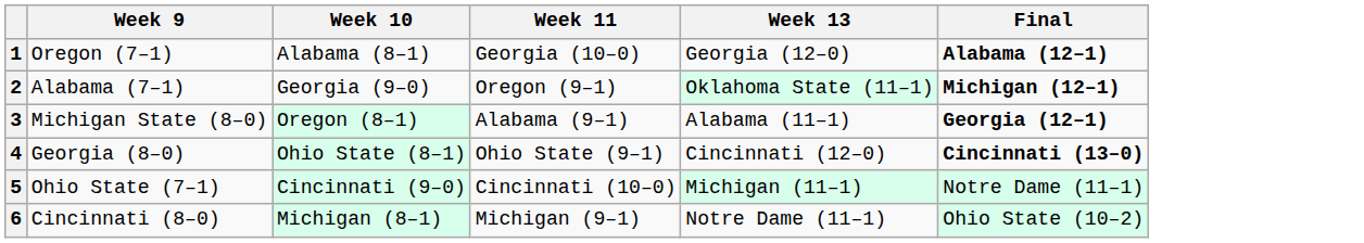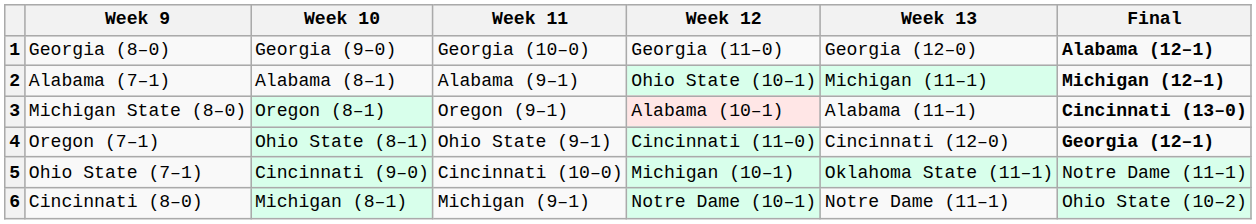 <table class="wikitable" style="font-size:90%">
 <tr>
 <th></th>
 <th>Week 9</th>
 <th>Week 10</th>
 <th>Week 11</th>
+<th>Week 12</th>
 <th>Week 13</th>
 <th>Final</th>
 </tr>
 <tr>
 <th>1</th>
-<td>Oregon (7–1)</td>
-<td>Alabama (8–1)</td>
+<td>Georgia (8–0)</td>
+<td>Georgia (9–0)</td>
 <td>Georgia (10–0)</td>
+<td>Georgia (11–0)</td>
 <td>Georgia (12–0)</td>
 <td style="background:#"><strong>Alabama (12–1)</strong></td>
 </tr>
 <tr>
 <th>2</th>
 <td>Alabama (7–1)</td>
-<td>Georgia (9–0)</td>
-<td>Oregon (9–1)</td>
-<td style="background:#d8ffeb">Oklahoma State (11–1)</td>
+<td>Alabama (8–1)</td>
+<td>Alabama (9–1)</td>
+<td style="background:#d8ffeb">Ohio State (10–1)</td>
+<td style="background:#d8ffeb">Michigan (11–1)</td>
 <td style="background:#"><strong>Michigan (12–1)</strong></td>
 </tr>
 <tr>
 <th>3</th>
 <td>Michigan State (8–0)</td>
 <td style="background:#d8ffeb">Oregon (8–1)</td>
-<td>Alabama (9–1)</td>
+<td>Oregon (9–1)</td>
+<td style="background:#ffe6e6">Alabama (10–1)</td>
 <td>Alabama (11–1)</td>
-<td style="background:#"><strong>Georgia (12–1)</strong></td>
+<td style="background:#"><strong>Cincinnati (13–0)</strong></td>
 </tr>
 <tr>
 <th>4</th>
-<td>Georgia (8–0)</td>
+<td>Oregon (7–1)</td>
 <td style="background:#d8ffeb">Ohio State (8–1)</td>
 <td>Ohio State (9–1)</td>
+<td style="background:#d8ffeb">Cincinnati (11–0)</td>
 <td>Cincinnati (12–0)</td>
-<td style="background:#"><strong>Cincinnati (13–0)</strong></td>
+<td style="background:#"><strong>Georgia (12–1)</strong></td>
 </tr>
 <tr>
 <th>5</th>
 <td>Ohio State (7–1)</td>
 <td style="background:#d8ffeb">Cincinnati (9–0)</td>
 <td>Cincinnati (10–0)</td>
-<td style="background:#d8ffeb">Michigan (11–1)</td>
+<td style="background:#d8ffeb">Michigan (10–1)</td>
+<td style="background:#d8ffeb">Oklahoma State (11–1)</td>
 <td style="background:#d8ffeb">Notre Dame (11–1)</td>
 </tr>
 <tr>
 <th>6</th>
 <td>Cincinnati (8–0)</td>
 <td style="background:#d8ffeb">Michigan (8–1)</td>
 <td>Michigan (9–1)</td>
+<td style="background:#d8ffeb">Notre Dame (10–1)</td>
 <td>Notre Dame (11–1)</td>
 <td style="background:#d8ffeb">Ohio State (10–2)</td>
 </tr>
 </table>
